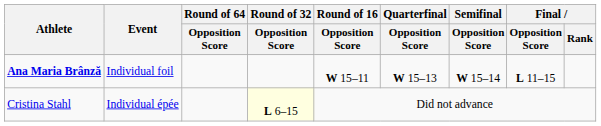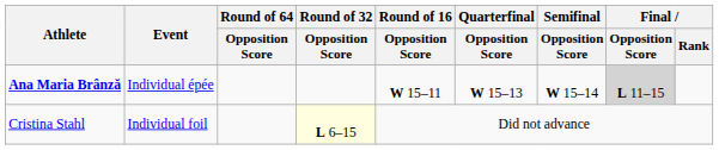 <table class="wikitable" style="font-size:90%">
 <tr>
 <th rowspan="2">Athlete</th>
 <th rowspan="2">Event</th>
 <th>Round of 64</th>
 <th>Round of 32</th>
 <th>Round of 16</th>
 <th>Quarterfinal</th>
 <th>Semifinal</th>
 <th colspan=2>Final / </th>
 </tr>
 <tr style="font-size:95%">
 <th>Opposition <br> Score</th>
 <th>Opposition <br> Score</th>
 <th>Opposition <br> Score</th>
 <th>Opposition <br> Score</th>
 <th>Opposition <br> Score</th>
 <th>Opposition <br> Score</th>
 <th>Rank</th>
 </tr>
 <tr align=center>
 <td align=left><strong><a href='#'>Ana Maria Brânză</a></strong></td>
-<td align=left><a href='#'>Individual foil</a></td>
+<td align=left><a href='#'>Individual épée</a></td>
 <td></td>
 <td></td>
 <td><br><strong>W</strong> 15–11</td>
 <td><br><strong>W</strong> 15–13</td>
 <td><br><strong>W</strong> 15–14</td>
-<td><br><strong>L</strong> 11–15</td>
+<td style="background: lightgrey;"><br><strong>L</strong> 11–15</td>
 <td></td>
 </tr>
 <tr align=center>
 <td align=left><a href='#'>Cristina Stahl</a></td>
-<td align=left><a href='#'>Individual épée</a></td>
+<td align=left><a href='#'>Individual foil</a></td>
 <td></td>
 <td style="background: lightyellow;"><br><strong>L</strong> 6–15</td>
 <td colspan=5>Did not advance</td>
 </tr>
 </table>
